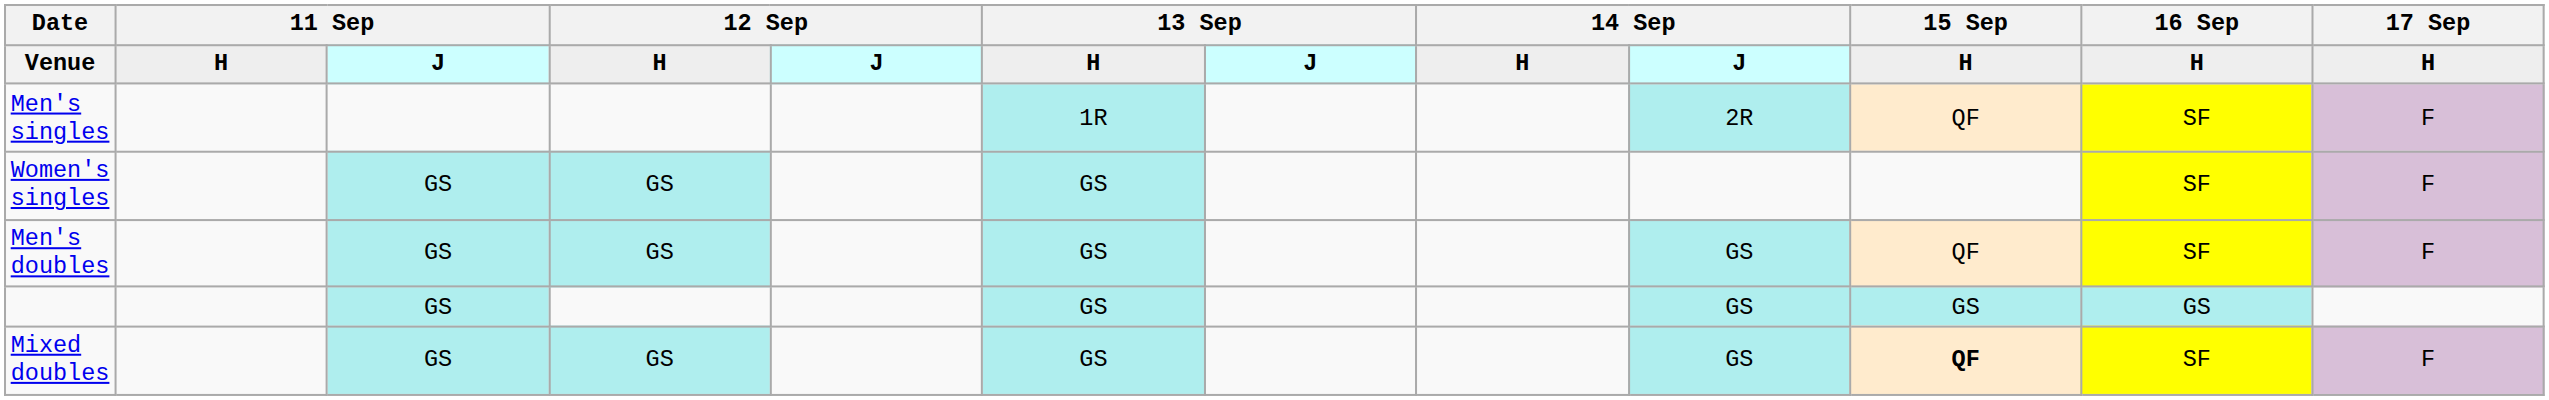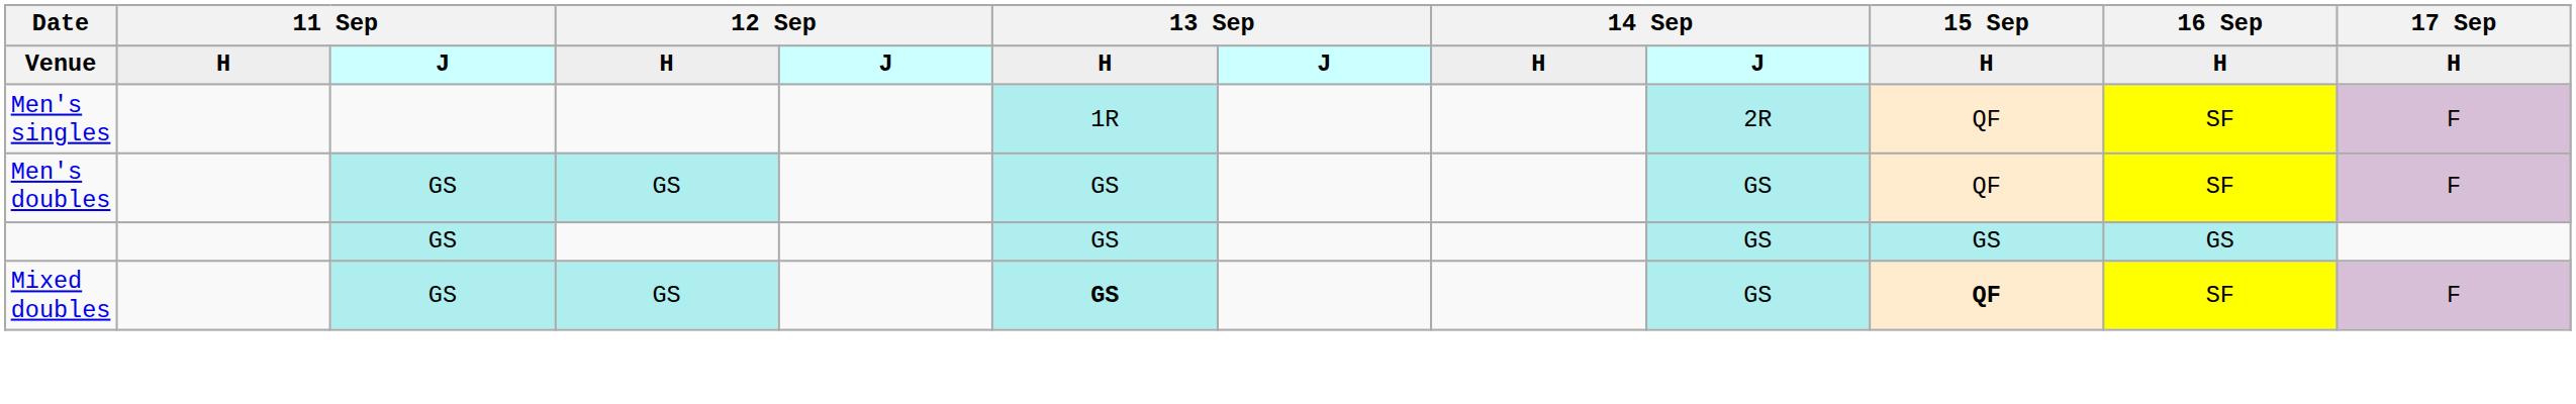 <table class="wikitable" style="margin:0.5em auto; font-size:90%; text-align:center; nowrap:yes">
 <tr>
 <th>Date</th>
 <th colspan="2">11 Sep</th>
 <th colspan="2">12 Sep</th>
 <th colspan="2">13 Sep</th>
 <th colspan="2">14 Sep</th>
 <th>15 Sep</th>
 <th>16 Sep</th>
 <th>17 Sep</th>
 </tr>
 <tr>
 <th>Venue</th>
 <th style="background-color:#EEEEEE; width:25em">H</th>
 <th style="background-color:#CCFFFF; width:25em">J</th>
 <th style="background-color:#EEEEEE; width:25em">H</th>
 <th style="background-color:#CCFFFF; width:25em">J</th>
 <th style="background-color:#EEEEEE; width:25em">H</th>
 <th style="background-color:#CCFFFF; width:25em">J</th>
 <th style="background-color:#EEEEEE; width:25em">H</th>
 <th style="background-color:#CCFFFF; width:25em">J</th>
 <th style="background-color:#EEEEEE; width:25em">H</th>
 <th style="background-color:#EEEEEE; width:25em">H</th>
 <th style="background-color:#EEEEEE; width:25em">H</th>
 </tr>
 <tr>
 <td align="left"><a href='#'>Men's singles</a></td>
 <td></td>
 <td></td>
 <td></td>
 <td></td>
 <td bgcolor="#AFEEEE">1R</td>
 <td></td>
 <td></td>
 <td bgcolor="#AFEEEE">2R</td>
 <td bgcolor="#FFEBCD">QF</td>
 <td bgcolor="#FFFF00">SF</td>
 <td bgcolor="#D8BFD8">F</td>
 </tr>
 <tr>
-<td align="left"><a href='#'>Women's singles</a></td>
-<td></td>
-<td bgcolor="#AFEEEE">GS</td>
-<td bgcolor="#AFEEEE">GS</td>
-<td></td>
-<td bgcolor="#AFEEEE">GS</td>
-<td></td>
-<td></td>
-<td></td>
-<td></td>
-<td bgcolor="#FFFF00">SF</td>
-<td bgcolor="#D8BFD8">F</td>
-</tr>
-<tr>
 <td align="left"><a href='#'>Men's doubles</a></td>
 <td></td>
 <td bgcolor="#AFEEEE">GS</td>
 <td bgcolor="#AFEEEE">GS</td>
 <td></td>
 <td bgcolor="#AFEEEE">GS</td>
 <td></td>
 <td></td>
 <td bgcolor="#AFEEEE">GS</td>
 <td bgcolor="#FFEBCD">QF</td>
 <td bgcolor="#FFFF00">SF</td>
 <td bgcolor="#D8BFD8">F</td>
 </tr>
 <tr>
 <td align="left"></td>
 <td></td>
 <td bgcolor="#AFEEEE">GS</td>
 <td></td>
 <td></td>
 <td bgcolor="#AFEEEE">GS</td>
 <td></td>
 <td></td>
 <td bgcolor="#AFEEEE">GS</td>
 <td bgcolor="#AFEEEE">GS</td>
 <td bgcolor="#AFEEEE">GS</td>
 <td></td>
 </tr>
 <tr>
 <td align="left"><a href='#'>Mixed doubles</a></td>
 <td></td>
 <td bgcolor="#AFEEEE">GS</td>
 <td bgcolor="#AFEEEE">GS</td>
 <td></td>
-<td bgcolor="#AFEEEE">GS</td>
+<td bgcolor="#AFEEEE"><strong>GS</strong></td>
 <td></td>
 <td></td>
 <td bgcolor="#AFEEEE">GS</td>
 <td bgcolor="#FFEBCD"><strong>QF</strong></td>
 <td bgcolor="#FFFF00">SF</td>
 <td bgcolor="#D8BFD8">F</td>
 </tr>
 </table>
